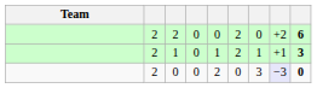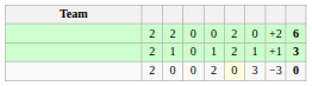 <table class="wikitable" style="text-align:center;">
 <tr>
 <th width="175">Team</th>
 <th width="20"></th>
 <th width="20"></th>
 <th width="20"></th>
 <th width="20"></th>
 <th width="20"></th>
 <th width="20"></th>
 <th width="20"></th>
 <th width="20"></th>
 </tr>
 <tr bgcolor=ccffcc>
 <td align=left></td>
 <td>2</td>
 <td>2</td>
 <td>0</td>
 <td>0</td>
 <td>2</td>
 <td>0</td>
 <td>+2</td>
 <td><strong>6</strong></td>
 </tr>
 <tr bgcolor=ccffcc>
 <td align=left></td>
 <td>2</td>
 <td>1</td>
 <td>0</td>
 <td>1</td>
 <td>2</td>
 <td>1</td>
 <td>+1</td>
 <td><strong>3</strong></td>
 </tr>
 <tr>
 <td align=left></td>
 <td>2</td>
 <td>0</td>
 <td>0</td>
 <td>2</td>
-<td>0</td>
+<td style="background: lightyellow;">0</td>
 <td>3</td>
-<td style="background: lavender;">−3</td>
+<td>−3</td>
 <td><strong>0</strong></td>
 </tr>
 </table>
